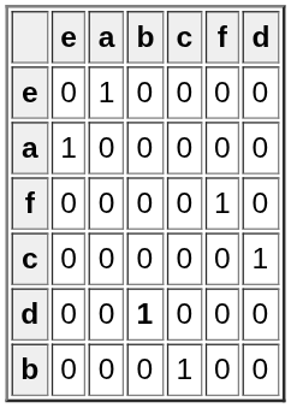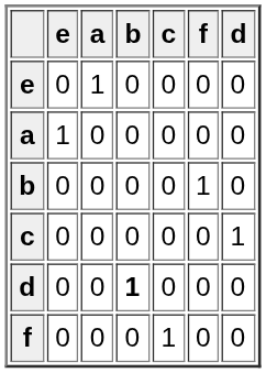 <table border="2" cellpadding="5" align="center">
 <tr>
 <th style="background:#efefef;"></th>
 <th style="background:#efefef;"><big>e</big></th>
 <th style="background:#efefef;"><big>a</big></th>
 <th style="background:#efefef;"><big>b</big></th>
 <th style="background:#efefef;"><big>c</big></th>
 <th style="background:#efefef;"><big>f</big></th>
 <th style="background:#efefef;"><big>d</big></th>
 </tr>
 <tr>
 <th style="background:#efefef;"><big>e</big></th>
 <td><big>0</big></td>
 <td><big>1</big></td>
 <td><big>0</big></td>
 <td><big>0</big></td>
 <td><big>0</big></td>
 <td><big>0</big></td>
 </tr>
 <tr>
 <th style="background:#efefef;"><big>a</big></th>
 <td><big>1</big></td>
 <td><big>0</big></td>
 <td><big>0</big></td>
 <td><big>0</big></td>
 <td><big>0</big></td>
 <td><big>0</big></td>
 </tr>
 <tr>
-<th style="background:#efefef;"><big>f</big></th>
+<th style="background:#efefef;"><big>b</big></th>
 <td><big>0</big></td>
 <td><big>0</big></td>
 <td><big>0</big></td>
 <td><big>0</big></td>
 <td><big>1</big></td>
 <td><big>0</big></td>
 </tr>
 <tr>
 <th style="background:#efefef;"><big>c</big></th>
 <td><big>0</big></td>
 <td><big>0</big></td>
 <td><big>0</big></td>
 <td><big>0</big></td>
 <td><big>0</big></td>
 <td><big>1</big></td>
 </tr>
 <tr>
 <th style="background:#efefef;"><big>d</big></th>
 <td><big>0</big></td>
 <td><big>0</big></td>
 <td><strong><big>1</big></strong></td>
 <td><big>0</big></td>
 <td><big>0</big></td>
 <td><big>0</big></td>
 </tr>
 <tr>
-<th style="background:#efefef;"><big>b</big></th>
+<th style="background:#efefef;"><big>f</big></th>
 <td><big>0</big></td>
 <td><big>0</big></td>
 <td><big>0</big></td>
 <td><big>1</big></td>
 <td><big>0</big></td>
 <td><big>0</big></td>
 </tr>
 </table>
